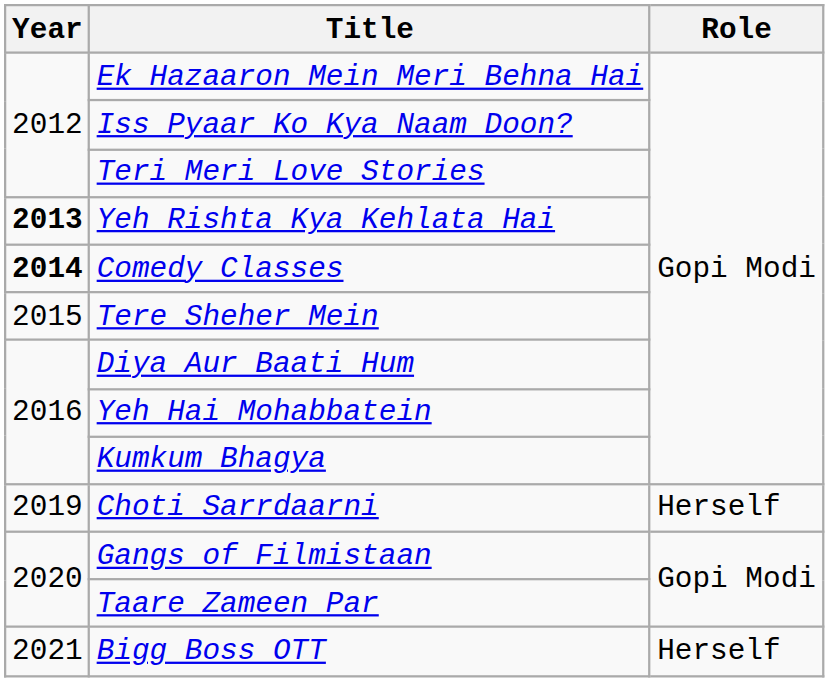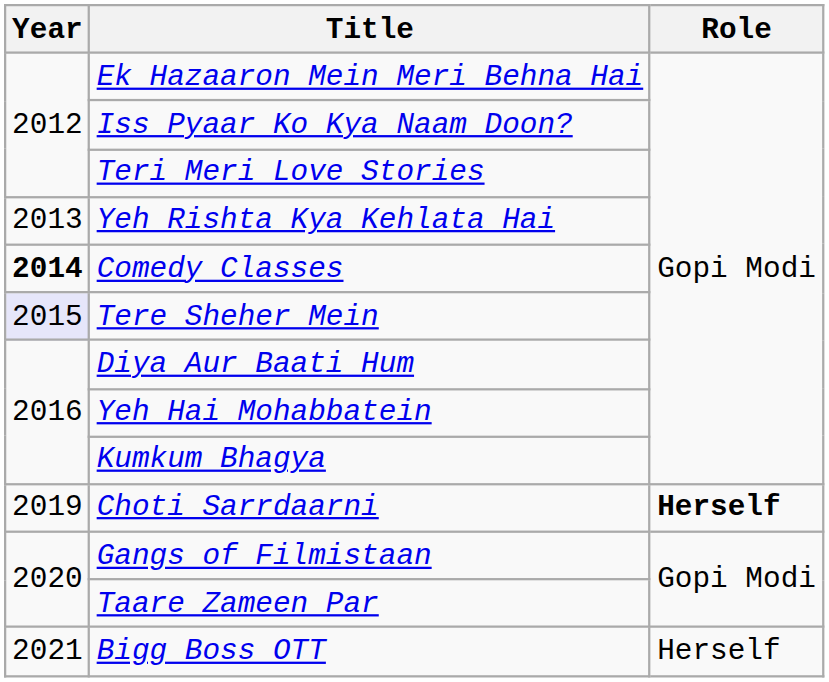 <table class="wikitable">
 <tr>
 <th>Year</th>
 <th>Title</th>
 <th>Role</th>
 </tr>
 <tr>
 <td rowspan="3">2012</td>
 <td><em><a href='#'>Ek Hazaaron Mein Meri Behna Hai</a></em></td>
 <td rowspan="9">Gopi Modi</td>
 </tr>
 <tr>
 <td><em><a href='#'>Iss Pyaar Ko Kya Naam Doon?</a></em></td>
 </tr>
 <tr>
 <td><em><a href='#'>Teri Meri Love Stories</a></em></td>
 </tr>
 <tr>
-<td><strong>2013</strong></td>
+<td>2013</td>
 <td><em><a href='#'>Yeh Rishta Kya Kehlata Hai</a></em></td>
 </tr>
 <tr>
 <td><strong>2014</strong></td>
 <td><em><a href='#'>Comedy Classes</a></em></td>
 </tr>
 <tr>
-<td>2015</td>
+<td style="background: lavender;">2015</td>
 <td><em><a href='#'>Tere Sheher Mein</a></em></td>
 </tr>
 <tr>
 <td rowspan="3">2016</td>
 <td><em><a href='#'>Diya Aur Baati Hum</a></em></td>
 </tr>
 <tr>
 <td><em><a href='#'>Yeh Hai Mohabbatein</a></em></td>
 </tr>
 <tr>
 <td><em><a href='#'>Kumkum Bhagya</a></em></td>
 </tr>
 <tr>
 <td>2019</td>
 <td><em><a href='#'>Choti Sarrdaarni</a></em></td>
-<td>Herself</td>
+<td><strong>Herself</strong></td>
 </tr>
 <tr>
 <td rowspan="2">2020</td>
 <td><em><a href='#'>Gangs of Filmistaan</a></em></td>
 <td rowspan="2">Gopi Modi</td>
 </tr>
 <tr>
 <td><em><a href='#'>Taare Zameen Par</a></em></td>
 </tr>
 <tr>
 <td>2021</td>
 <td><em><a href='#'>Bigg Boss OTT</a></em></td>
 <td>Herself</td>
 </tr>
 </table>
